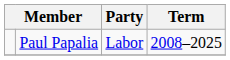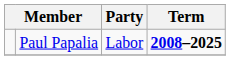 <table class="wikitable">
 <tr>
 <th colspan="2">Member</th>
 <th>Party</th>
 <th>Term</th>
 </tr>
 <tr>
 <td> </td>
 <td><a href='#'>Paul Papalia</a></td>
 <td><a href='#'>Labor</a></td>
-<td><a href='#'>2008</a>–2025</td>
+<td><strong><a href='#'>2008</a>–2025</strong></td>
 </tr>
 <tr>
 </tr>
 </table>
